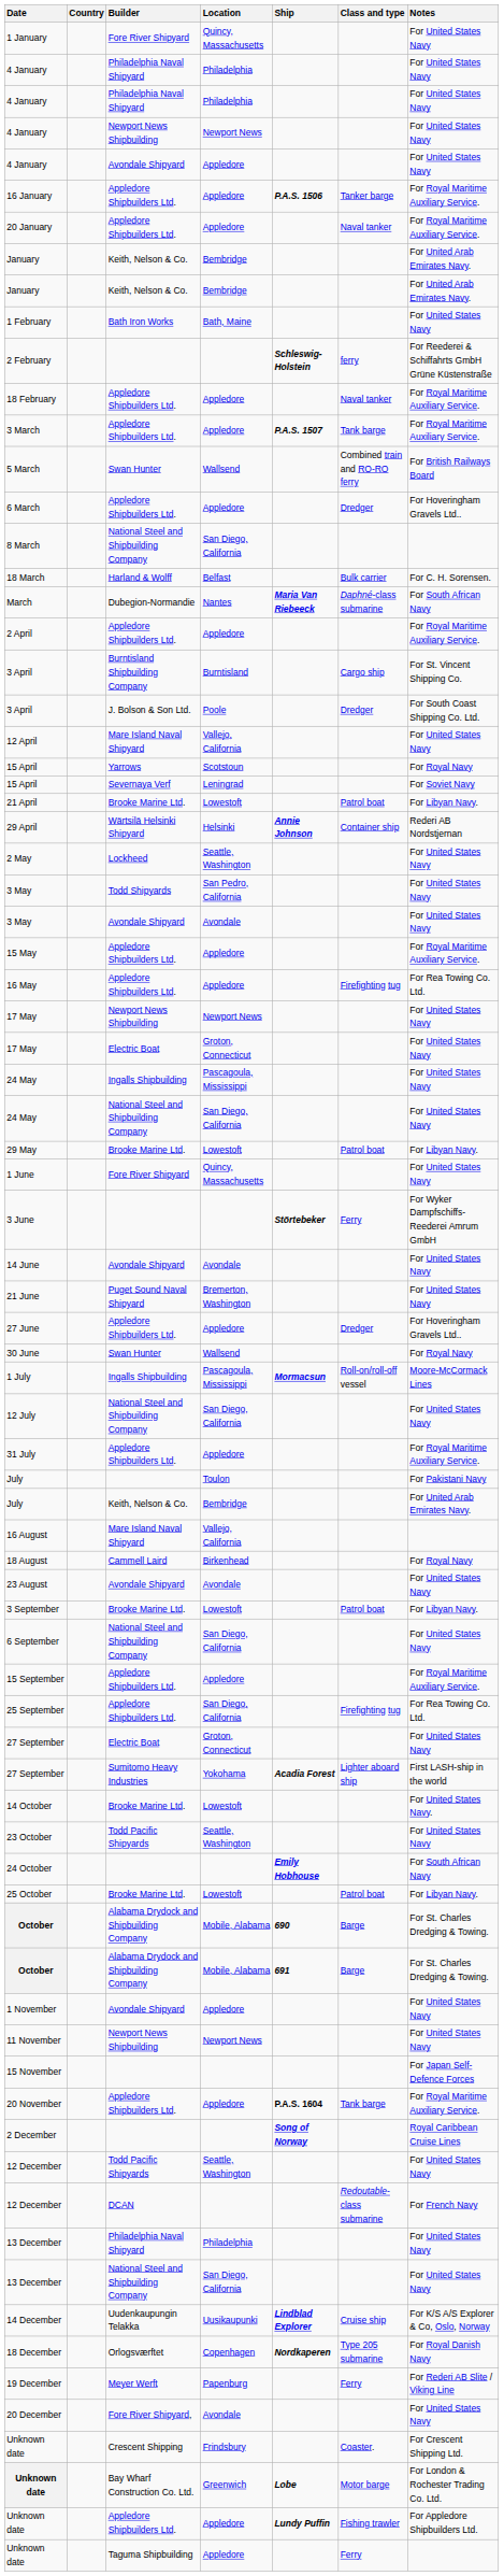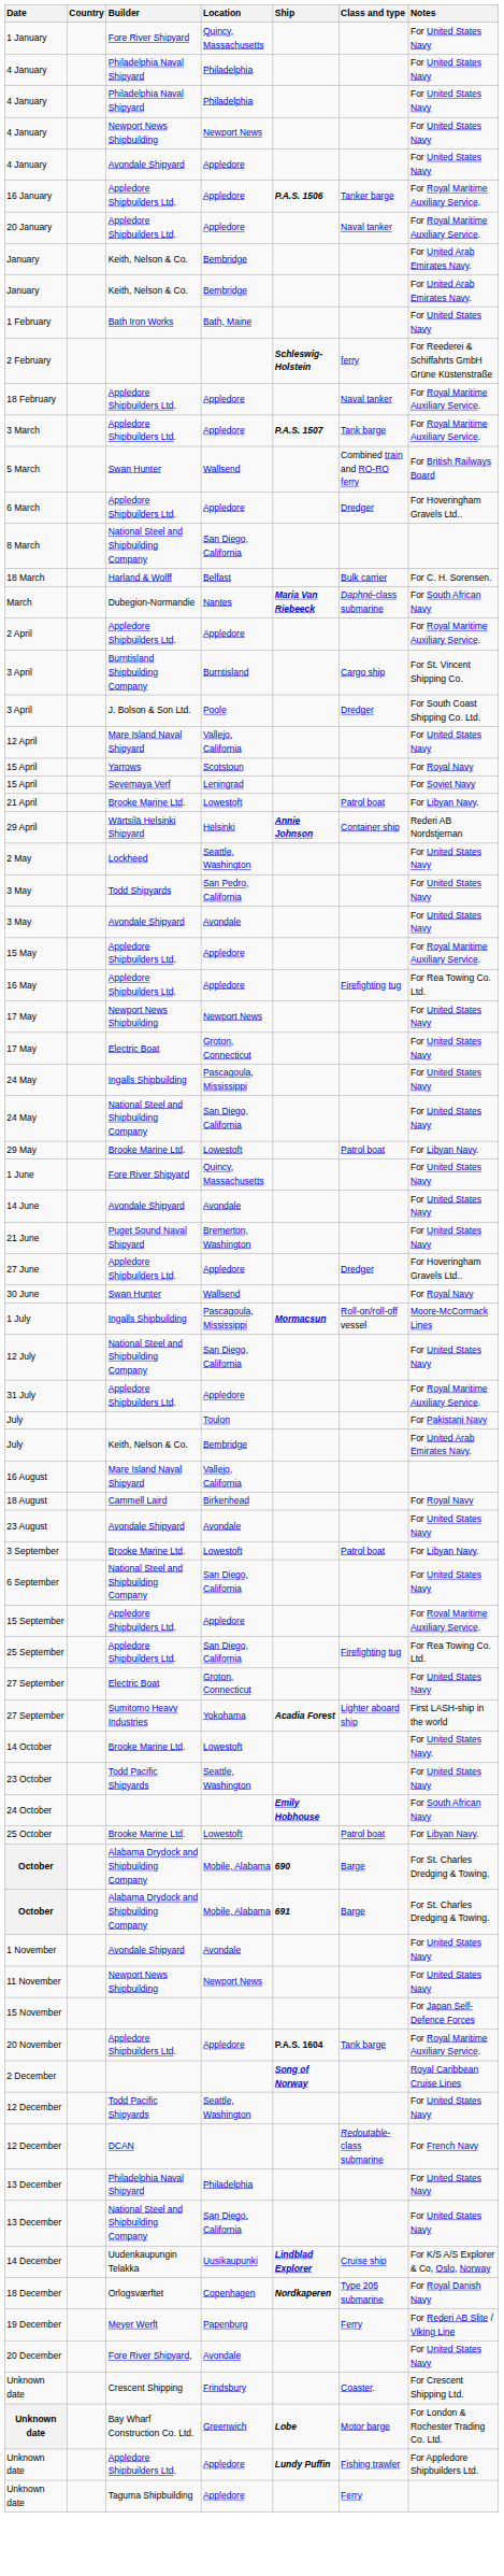 <table class="wikitable sortable" style="font-size:1.00em; line-height:1.5em;">
 <tr>
 <th style="text-align: left;">Date</th>
 <th style="text-align: left;">Country</th>
 <th style="text-align: left;">Builder</th>
 <th style="text-align: left;">Location</th>
 <th style="text-align: left;">Ship</th>
 <th style="text-align: left;">Class and type</th>
 <th style="text-align: left;">Notes</th>
 </tr>
 <tr>
 <td>1 January</td>
 <td></td>
 <td><a href='#'>Fore River Shipyard</a></td>
 <td><a href='#'>Quincy, Massachusetts</a></td>
 <td><strong></strong></td>
 <td></td>
 <td>For <a href='#'>United States Navy</a></td>
 </tr>
 <tr>
 <td>4 January</td>
 <td></td>
 <td><a href='#'>Philadelphia Naval Shipyard</a></td>
 <td><a href='#'>Philadelphia</a></td>
 <td><strong></strong></td>
 <td></td>
 <td>For <a href='#'>United States Navy</a></td>
 </tr>
 <tr>
 <td>4 January</td>
 <td></td>
 <td><a href='#'>Philadelphia Naval Shipyard</a></td>
 <td><a href='#'>Philadelphia</a></td>
 <td><strong></strong></td>
 <td></td>
 <td>For <a href='#'>United States Navy</a></td>
 </tr>
 <tr>
 <td>4 January</td>
 <td></td>
 <td><a href='#'>Newport News Shipbuilding</a></td>
 <td><a href='#'>Newport News</a></td>
 <td><strong></strong></td>
 <td></td>
 <td>For <a href='#'>United States Navy</a></td>
 </tr>
 <tr>
 <td>4 January</td>
 <td></td>
 <td><a href='#'>Avondale Shipyard</a></td>
 <td><a href='#'>Appledore</a></td>
 <td><strong></strong></td>
 <td></td>
 <td>For <a href='#'>United States Navy</a></td>
 </tr>
 <tr ---->
 <td>16 January</td>
 <td></td>
 <td><a href='#'>Appledore Shipbuilders Ltd</a>.</td>
 <td><a href='#'>Appledore</a></td>
 <td><strong><em>P.A.S. 1506</em></strong></td>
 <td><a href='#'>Tanker barge</a></td>
 <td>For <a href='#'>Royal Maritime Auxiliary Service</a>.</td>
 </tr>
 <tr ---->
 <td>20 January</td>
 <td></td>
 <td><a href='#'>Appledore Shipbuilders Ltd</a>.</td>
 <td><a href='#'>Appledore</a></td>
 <td><strong></strong></td>
 <td><a href='#'>Naval tanker</a></td>
 <td>For <a href='#'>Royal Maritime Auxiliary Service</a>.</td>
 </tr>
 <tr>
 <td>January</td>
 <td></td>
 <td>Keith, Nelson & Co.</td>
 <td><a href='#'>Bembridge</a></td>
 <td><strong></strong></td>
 <td></td>
 <td>For <a href='#'>United Arab Emirates Navy</a>.</td>
 </tr>
 <tr>
 <td>January</td>
 <td></td>
 <td>Keith, Nelson & Co.</td>
 <td><a href='#'>Bembridge</a></td>
 <td><strong></strong></td>
 <td></td>
 <td>For <a href='#'>United Arab Emirates Navy</a>.</td>
 </tr>
 <tr>
 <td>1 February</td>
 <td></td>
 <td><a href='#'>Bath Iron Works</a></td>
 <td><a href='#'>Bath, Maine</a></td>
 <td><strong></strong></td>
 <td></td>
 <td>For <a href='#'>United States Navy</a></td>
 </tr>
 <tr>
 <td>2 February</td>
 <td></td>
 <td></td>
 <td></td>
 <td><strong><em>Schleswig-Holstein</em></strong></td>
 <td><a href='#'>ferry</a></td>
 <td>For Reederei & Schiffahrts GmbH Grüne Küstenstraße</td>
 </tr>
 <tr ---->
 <td>18 February</td>
 <td></td>
 <td><a href='#'>Appledore Shipbuilders Ltd</a>.</td>
 <td><a href='#'>Appledore</a></td>
 <td><strong></strong></td>
 <td><a href='#'>Naval tanker</a></td>
 <td>For <a href='#'>Royal Maritime Auxiliary Service</a>.</td>
 </tr>
 <tr ---->
 <td>3 March</td>
 <td></td>
 <td><a href='#'>Appledore Shipbuilders Ltd</a>.</td>
 <td><a href='#'>Appledore</a></td>
 <td><strong><em>P.A.S. 1507</em></strong></td>
 <td><a href='#'>Tank barge</a></td>
 <td>For <a href='#'>Royal Maritime Auxiliary Service</a>.</td>
 </tr>
 <tr>
 <td>5 March</td>
 <td></td>
 <td><a href='#'>Swan Hunter</a></td>
 <td><a href='#'>Wallsend</a></td>
 <td><strong></strong></td>
 <td>Combined <a href='#'>train</a> and <a href='#'>RO-RO</a> <a href='#'>ferry</a></td>
 <td>For <a href='#'>British Railways Board</a></td>
 </tr>
 <tr ---->
 <td>6 March</td>
 <td></td>
 <td><a href='#'>Appledore Shipbuilders Ltd</a>.</td>
 <td><a href='#'>Appledore</a></td>
 <td><strong></strong></td>
 <td><a href='#'>Dredger</a></td>
 <td>For Hoveringham Gravels Ltd..</td>
 </tr>
 <tr>
 <td>8 March</td>
 <td></td>
 <td><a href='#'>National Steel and Shipbuilding Company</a></td>
 <td><a href='#'>San Diego, California</a></td>
 <td><strong></strong></td>
 <td></td>
 <td></td>
 </tr>
 <tr ---->
 <td>18 March</td>
 <td></td>
 <td><a href='#'>Harland & Wolff</a></td>
 <td><a href='#'>Belfast</a></td>
 <td><strong></strong></td>
 <td><a href='#'>Bulk carrier</a></td>
 <td>For C. H. Sorensen.</td>
 </tr>
 <tr>
 <td>March</td>
 <td></td>
 <td>Dubegion-Normandie</td>
 <td><a href='#'>Nantes</a></td>
 <td><strong><em><a href='#'><em>Maria Van Riebeeck</em></a></em></strong></td>
 <td><a href='#'><em>Daphné</em>-class</a> <a href='#'>submarine</a></td>
 <td>For <a href='#'>South African Navy</a></td>
 </tr>
 <tr ---->
 <td>2 April</td>
 <td></td>
 <td><a href='#'>Appledore Shipbuilders Ltd</a>.</td>
 <td><a href='#'>Appledore</a></td>
 <td><strong></strong></td>
 <td></td>
 <td>For <a href='#'>Royal Maritime Auxiliary Service</a>.</td>
 </tr>
 <tr>
 <td>3 April</td>
 <td></td>
 <td><a href='#'>Burntisland Shipbuilding Company</a></td>
 <td><a href='#'>Burntisland</a></td>
 <td><strong></strong></td>
 <td><a href='#'>Cargo ship</a></td>
 <td>For St. Vincent Shipping Co.</td>
 </tr>
 <tr ---->
 <td>3 April</td>
 <td></td>
 <td>J. Bolson & Son Ltd.</td>
 <td><a href='#'>Poole</a></td>
 <td><strong></strong></td>
 <td><a href='#'>Dredger</a></td>
 <td>For South Coast Shipping Co. Ltd.</td>
 </tr>
 <tr>
 <td>12 April</td>
 <td></td>
 <td><a href='#'>Mare Island Naval Shipyard</a></td>
 <td><a href='#'>Vallejo, California</a></td>
 <td><strong></strong></td>
 <td></td>
 <td>For <a href='#'>United States Navy</a></td>
 </tr>
 <tr>
 <td>15 April</td>
 <td></td>
 <td><a href='#'>Yarrows</a></td>
 <td><a href='#'>Scotstoun</a></td>
 <td><strong></strong></td>
 <td></td>
 <td>For <a href='#'>Royal Navy</a></td>
 </tr>
 <tr>
 <td>15 April</td>
 <td></td>
 <td><a href='#'>Severnaya Verf</a></td>
 <td><a href='#'>Leningrad</a></td>
 <td><strong></strong></td>
 <td></td>
 <td>For <a href='#'>Soviet Navy</a></td>
 </tr>
 <tr ---->
 <td>21 April</td>
 <td></td>
 <td><a href='#'>Brooke Marine Ltd</a>.</td>
 <td><a href='#'>Lowestoft</a></td>
 <td><strong></strong></td>
 <td><a href='#'>Patrol boat</a></td>
 <td>For <a href='#'>Libyan Navy</a>.</td>
 </tr>
 <tr>
 <td>29 April</td>
 <td></td>
 <td><a href='#'>Wärtsilä Helsinki Shipyard</a></td>
 <td><a href='#'>Helsinki</a></td>
 <td><strong><a href='#'><em>Annie Johnson</em></a></strong></td>
 <td><a href='#'>Container ship</a></td>
 <td>Rederi AB Nordstjernan</td>
 </tr>
 <tr>
 <td>2 May</td>
 <td></td>
 <td><a href='#'>Lockheed</a></td>
 <td><a href='#'>Seattle, Washington</a></td>
 <td><strong></strong></td>
 <td></td>
 <td>For <a href='#'>United States Navy</a></td>
 </tr>
 <tr>
 <td>3 May</td>
 <td></td>
 <td><a href='#'>Todd Shipyards</a></td>
 <td><a href='#'>San Pedro, California</a></td>
 <td><strong></strong></td>
 <td></td>
 <td>For <a href='#'>United States Navy</a></td>
 </tr>
 <tr>
 <td>3 May</td>
 <td></td>
 <td><a href='#'>Avondale Shipyard</a></td>
 <td><a href='#'>Avondale</a></td>
 <td><strong></strong></td>
 <td></td>
 <td>For <a href='#'>United States Navy</a></td>
 </tr>
 <tr ---->
 <td>15 May</td>
 <td></td>
 <td><a href='#'>Appledore Shipbuilders Ltd</a>.</td>
 <td><a href='#'>Appledore</a></td>
 <td><strong></strong></td>
 <td></td>
 <td>For <a href='#'>Royal Maritime Auxiliary Service</a>.</td>
 </tr>
 <tr ---->
 <td>16 May</td>
 <td></td>
 <td><a href='#'>Appledore Shipbuilders Ltd</a>.</td>
 <td><a href='#'>Appledore</a></td>
 <td><strong></strong></td>
 <td><a href='#'>Firefighting</a> <a href='#'>tug</a></td>
 <td>For Rea Towing Co. Ltd.</td>
 </tr>
 <tr>
 <td>17 May</td>
 <td></td>
 <td><a href='#'>Newport News Shipbuilding</a></td>
 <td><a href='#'>Newport News</a></td>
 <td><strong></strong></td>
 <td></td>
 <td>For <a href='#'>United States Navy</a></td>
 </tr>
 <tr>
 <td>17 May</td>
 <td></td>
 <td><a href='#'>Electric Boat</a></td>
 <td><a href='#'>Groton, Connecticut</a></td>
 <td><strong></strong></td>
 <td></td>
 <td>For <a href='#'>United States Navy</a></td>
 </tr>
 <tr>
 <td>24 May</td>
 <td></td>
 <td><a href='#'>Ingalls Shipbuilding</a></td>
 <td><a href='#'>Pascagoula, Mississippi</a></td>
 <td><strong></strong></td>
 <td></td>
 <td>For <a href='#'>United States Navy</a></td>
 </tr>
 <tr>
 <td>24 May</td>
 <td></td>
 <td><a href='#'>National Steel and Shipbuilding Company</a></td>
 <td><a href='#'>San Diego, California</a></td>
 <td><strong></strong></td>
 <td></td>
 <td>For <a href='#'>United States Navy</a></td>
 </tr>
 <tr ---->
 <td>29 May</td>
 <td></td>
 <td><a href='#'>Brooke Marine Ltd</a>.</td>
 <td><a href='#'>Lowestoft</a></td>
 <td><strong></strong></td>
 <td><a href='#'>Patrol boat</a></td>
 <td>For <a href='#'>Libyan Navy</a>.</td>
 </tr>
 <tr>
 <td>1 June</td>
 <td></td>
 <td><a href='#'>Fore River Shipyard</a></td>
 <td><a href='#'>Quincy, Massachusetts</a></td>
 <td><strong></strong></td>
 <td></td>
 <td>For <a href='#'>United States Navy</a></td>
 </tr>
 <tr>
-<td>3 June</td>
-<td></td>
-<td></td>
-<td></td>
-<td><strong><em>Störtebeker</em></strong></td>
-<td><a href='#'>Ferry</a></td>
-<td>For Wyker Dampfschiffs-Reederei Amrum GmbH</td>
-</tr>
-<tr>
 <td>14 June</td>
 <td></td>
 <td><a href='#'>Avondale Shipyard</a></td>
 <td><a href='#'>Avondale</a></td>
 <td><strong></strong></td>
 <td></td>
 <td>For <a href='#'>United States Navy</a></td>
 </tr>
 <tr>
 <td>21 June</td>
 <td></td>
 <td><a href='#'>Puget Sound Naval Shipyard</a></td>
 <td><a href='#'>Bremerton, Washington</a></td>
 <td><strong></strong></td>
 <td></td>
 <td>For <a href='#'>United States Navy</a></td>
 </tr>
 <tr ---->
 <td>27 June</td>
 <td></td>
 <td><a href='#'>Appledore Shipbuilders Ltd</a>.</td>
 <td><a href='#'>Appledore</a></td>
 <td><strong></strong></td>
 <td><a href='#'>Dredger</a></td>
 <td>For Hoveringham Gravels Ltd..</td>
 </tr>
 <tr>
 <td>30 June</td>
 <td></td>
 <td><a href='#'>Swan Hunter</a></td>
 <td><a href='#'>Wallsend</a></td>
 <td><strong></strong></td>
 <td></td>
 <td>For <a href='#'>Royal Navy</a></td>
 </tr>
 <tr>
 <td>1 July</td>
 <td></td>
 <td><a href='#'>Ingalls Shipbuilding</a></td>
 <td><a href='#'>Pascagoula, Mississippi</a></td>
 <td><strong><a href='#'><em>Mormacsun</em></a></strong></td>
 <td><a href='#'>Roll-on/roll-off</a> vessel</td>
 <td><a href='#'>Moore-McCormack Lines</a></td>
 </tr>
 <tr>
 <td>12 July</td>
 <td></td>
 <td><a href='#'>National Steel and Shipbuilding Company</a></td>
 <td><a href='#'>San Diego, California</a></td>
 <td><strong></strong></td>
 <td></td>
 <td>For <a href='#'>United States Navy</a></td>
 </tr>
 <tr ---->
 <td>31 July</td>
 <td></td>
 <td><a href='#'>Appledore Shipbuilders Ltd</a>.</td>
 <td><a href='#'>Appledore</a></td>
 <td><strong></strong></td>
 <td></td>
 <td>For <a href='#'>Royal Maritime Auxiliary Service</a>.</td>
 </tr>
 <tr>
 <td>July</td>
 <td></td>
 <td></td>
 <td><a href='#'>Toulon</a></td>
 <td><strong></strong></td>
 <td></td>
 <td>For <a href='#'>Pakistani Navy</a></td>
 </tr>
 <tr>
 <td>July</td>
 <td></td>
 <td>Keith, Nelson & Co.</td>
 <td><a href='#'>Bembridge</a></td>
 <td><strong></strong></td>
 <td></td>
 <td>For <a href='#'>United Arab Emirates Navy</a>.</td>
 </tr>
 <tr>
 <td>16 August</td>
 <td></td>
 <td><a href='#'>Mare Island Naval Shipyard</a></td>
 <td><a href='#'>Vallejo, California</a></td>
 <td><strong></strong></td>
 <td></td>
 <td></td>
 </tr>
 <tr>
 <td>18 August</td>
 <td></td>
 <td><a href='#'>Cammell Laird</a></td>
 <td><a href='#'>Birkenhead</a></td>
 <td><strong></strong></td>
 <td></td>
 <td>For <a href='#'>Royal Navy</a></td>
 </tr>
 <tr>
 <td>23 August</td>
 <td></td>
 <td><a href='#'>Avondale Shipyard</a></td>
 <td><a href='#'>Avondale</a></td>
 <td><strong></strong></td>
 <td></td>
 <td>For <a href='#'>United States Navy</a></td>
 </tr>
 <tr ---->
 <td>3 September</td>
 <td></td>
 <td><a href='#'>Brooke Marine Ltd</a>.</td>
 <td><a href='#'>Lowestoft</a></td>
 <td><strong></strong></td>
 <td><a href='#'>Patrol boat</a></td>
 <td>For <a href='#'>Libyan Navy</a>.</td>
 </tr>
 <tr>
 <td>6 September</td>
 <td></td>
 <td><a href='#'>National Steel and Shipbuilding Company</a></td>
 <td><a href='#'>San Diego, California</a></td>
 <td><strong></strong></td>
 <td></td>
 <td>For <a href='#'>United States Navy</a></td>
 </tr>
 <tr ---->
 <td>15 September</td>
 <td></td>
 <td><a href='#'>Appledore Shipbuilders Ltd</a>.</td>
 <td><a href='#'>Appledore</a></td>
 <td><strong></strong></td>
 <td></td>
 <td>For <a href='#'>Royal Maritime Auxiliary Service</a>.</td>
 </tr>
 <tr ---->
 <td>25 September</td>
 <td></td>
 <td><a href='#'>Appledore Shipbuilders Ltd</a>.</td>
 <td><a href='#'>San Diego, California</a></td>
 <td><strong></strong></td>
 <td><a href='#'>Firefighting</a> <a href='#'>tug</a></td>
 <td>For Rea Towing Co. Ltd.</td>
 </tr>
 <tr>
 <td>27 September</td>
 <td></td>
 <td><a href='#'>Electric Boat</a></td>
 <td><a href='#'>Groton, Connecticut</a></td>
 <td><strong></strong></td>
 <td></td>
 <td>For <a href='#'>United States Navy</a></td>
 </tr>
 <tr>
 <td>27 September</td>
 <td></td>
 <td><a href='#'>Sumitomo Heavy Industries</a></td>
 <td><a href='#'>Yokohama</a></td>
 <td><strong><em>Acadia Forest</em></strong></td>
 <td><a href='#'>Lighter aboard ship</a></td>
 <td>First LASH-ship in the world</td>
 </tr>
 <tr ---->
 <td>14 October</td>
 <td></td>
 <td><a href='#'>Brooke Marine Ltd</a>.</td>
 <td><a href='#'>Lowestoft</a></td>
 <td><strong></strong></td>
 <td></td>
 <td>For <a href='#'>United States Navy</a>.</td>
 </tr>
 <tr>
 <td>23 October</td>
 <td></td>
 <td><a href='#'>Todd Pacific Shipyards</a></td>
 <td><a href='#'>Seattle, Washington</a></td>
 <td><strong></strong></td>
 <td></td>
 <td>For <a href='#'>United States Navy</a></td>
 </tr>
 <tr>
 <td>24 October</td>
 <td></td>
 <td></td>
 <td></td>
 <td><strong><em><a href='#'><em>Emily Hobhouse</em></a></em></strong></td>
 <td></td>
 <td>For <a href='#'>South African Navy</a></td>
 </tr>
 <tr ---->
 <td>25 October</td>
 <td></td>
 <td><a href='#'>Brooke Marine Ltd</a>.</td>
 <td><a href='#'>Lowestoft</a></td>
 <td><strong></strong></td>
 <td><a href='#'>Patrol boat</a></td>
 <td>For <a href='#'>Libyan Navy</a>.</td>
 </tr>
 <tr ---->
 <th>October</th>
 <td></td>
 <td><a href='#'>Alabama Drydock and Shipbuilding Company</a></td>
 <td><a href='#'>Mobile, Alabama</a></td>
 <td><strong><em>690</em></strong></td>
 <td><a href='#'>Barge</a></td>
 <td>For St. Charles Dredging & Towing.</td>
 </tr>
 <tr ---->
 <th>October</th>
 <td></td>
 <td><a href='#'>Alabama Drydock and Shipbuilding Company</a></td>
 <td><a href='#'>Mobile, Alabama</a></td>
 <td><strong><em>691</em></strong></td>
 <td><a href='#'>Barge</a></td>
 <td>For St. Charles Dredging & Towing.</td>
 </tr>
 <tr>
 <td>1 November</td>
 <td></td>
 <td><a href='#'>Avondale Shipyard</a></td>
-<td><a href='#'>Appledore</a></td>
+<td><a href='#'>Avondale</a></td>
 <td><strong></strong></td>
 <td></td>
 <td>For <a href='#'>United States Navy</a></td>
 </tr>
 <tr>
 <td>11 November</td>
 <td></td>
 <td><a href='#'>Newport News Shipbuilding</a></td>
 <td><a href='#'>Newport News</a></td>
 <td><strong></strong></td>
 <td></td>
 <td>For <a href='#'>United States Navy</a></td>
 </tr>
 <tr>
 <td>15 November</td>
 <td></td>
 <td></td>
 <td></td>
 <td><strong></strong></td>
 <td></td>
 <td>For <a href='#'>Japan Self-Defence Forces</a></td>
 </tr>
 <tr ---->
 <td>20 November</td>
 <td></td>
 <td><a href='#'>Appledore Shipbuilders Ltd</a>.</td>
 <td><a href='#'>Appledore</a></td>
 <td><strong>P.A.S. 1604</strong></td>
 <td><a href='#'>Tank barge</a></td>
 <td>For <a href='#'>Royal Maritime Auxiliary Service</a>.</td>
 </tr>
 <tr>
 <td>2 December</td>
 <td></td>
 <td></td>
 <td></td>
 <td><strong><a href='#'><em>Song of Norway</em></a></strong></td>
 <td></td>
 <td><a href='#'>Royal Caribbean Cruise Lines</a></td>
 </tr>
 <tr>
 <td>12 December</td>
 <td></td>
 <td><a href='#'>Todd Pacific Shipyards</a></td>
 <td><a href='#'>Seattle, Washington</a></td>
 <td><strong></strong></td>
 <td></td>
 <td>For <a href='#'>United States Navy</a></td>
 </tr>
 <tr>
 <td>12 December</td>
 <td></td>
 <td><a href='#'>DCAN</a></td>
 <td></td>
 <td><strong></strong></td>
 <td><a href='#'><em>Redoutable</em>-class submarine</a></td>
 <td>For <a href='#'>French Navy</a></td>
 </tr>
 <tr>
 <td>13 December</td>
 <td></td>
 <td><a href='#'>Philadelphia Naval Shipyard</a></td>
 <td><a href='#'>Philadelphia</a></td>
 <td><strong></strong></td>
 <td></td>
 <td>For <a href='#'>United States Navy</a></td>
 </tr>
 <tr>
 <td>13 December</td>
 <td></td>
 <td><a href='#'>National Steel and Shipbuilding Company</a></td>
 <td><a href='#'>San Diego, California</a></td>
 <td><strong></strong></td>
 <td></td>
 <td>For <a href='#'>United States Navy</a></td>
 </tr>
 <tr>
 <td>14 December</td>
 <td></td>
 <td>Uudenkaupungin Telakka</td>
 <td><a href='#'>Uusikaupunki</a></td>
 <td><strong><a href='#'><em>Lindblad Explorer</em></a></strong></td>
 <td><a href='#'>Cruise ship</a></td>
 <td>For K/S A/S Explorer & Co, <a href='#'>Oslo</a>, <a href='#'>Norway</a></td>
 </tr>
 <tr>
 <td>18 December</td>
 <td></td>
 <td>Orlogsværftet</td>
 <td><a href='#'>Copenhagen</a></td>
 <td><strong><em>Nordkaperen</em></strong></td>
 <td><a href='#'>Type 205 submarine</a></td>
 <td>For <a href='#'>Royal Danish Navy</a></td>
 </tr>
 <tr>
 <td>19 December</td>
 <td></td>
 <td><a href='#'>Meyer Werft</a></td>
 <td><a href='#'>Papenburg</a></td>
 <td><strong></strong></td>
 <td><a href='#'>Ferry</a></td>
 <td>For <a href='#'>Rederi AB Slite</a> / <a href='#'>Viking Line</a></td>
 </tr>
 <tr>
 <td>20 December</td>
 <td></td>
 <td><a href='#'>Fore River Shipyard</a>,</td>
 <td><a href='#'>Avondale</a></td>
 <td><strong></strong></td>
 <td></td>
 <td>For <a href='#'>United States Navy</a></td>
 </tr>
 <tr>
 <td>Unknown date</td>
 <td></td>
 <td>Crescent Shipping</td>
 <td><a href='#'>Frindsbury</a></td>
 <td><strong></strong></td>
 <td><a href='#'>Coaster</a>.</td>
 <td>For Crescent Shipping Ltd.</td>
 </tr>
 <tr ---->
 <th>Unknown date</th>
 <td></td>
 <td>Bay Wharf Construction Co. Ltd.</td>
 <td><a href='#'>Greenwich</a></td>
 <td><strong><em>Lobe</em></strong></td>
 <td><a href='#'>Motor barge</a></td>
 <td>For London & Rochester Trading Co. Ltd.</td>
 </tr>
 <tr ---->
 <td>Unknown date</td>
 <td></td>
 <td><a href='#'>Appledore Shipbuilders Ltd</a>.</td>
 <td><a href='#'>Appledore</a></td>
 <td><strong><em>Lundy Puffin</em></strong></td>
 <td><a href='#'>Fishing trawler</a></td>
 <td>For Appledore Shipbuilders Ltd.</td>
 </tr>
 <tr>
 <td>Unknown date</td>
 <td></td>
 <td>Taguma Shipbuilding</td>
 <td><a href='#'>Appledore</a></td>
 <td><strong></strong></td>
 <td><a href='#'>Ferry</a></td>
 <td></td>
 </tr>
 </table>
